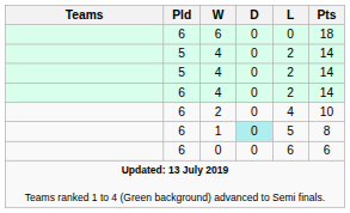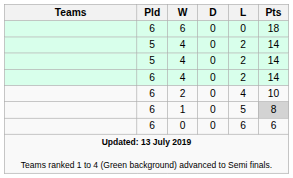 <table class="wikitable" style="text-align: center;">
 <tr>
 <th width="200">Teams</th>
 <th width="40">Pld</th>
 <th width="40">W</th>
 <th width="40">D</th>
 <th width="40">L</th>
 <th width="40">Pts</th>
 </tr>
 <tr bgcolor="#d8ffeb">
 <td align=left></td>
 <td>6</td>
 <td>6</td>
 <td>0</td>
 <td>0</td>
 <td>18</td>
 </tr>
 <tr bgcolor="#d8ffeb">
 <td align=left></td>
 <td>5</td>
 <td>4</td>
 <td>0</td>
 <td>2</td>
 <td>14</td>
 </tr>
 <tr bgcolor="#d8ffeb">
 <td align=left></td>
 <td>5</td>
 <td>4</td>
 <td>0</td>
 <td>2</td>
 <td>14</td>
 </tr>
 <tr bgcolor="#d8ffeb">
 <td align=left></td>
 <td>6</td>
 <td>4</td>
 <td>0</td>
 <td>2</td>
 <td>14</td>
 </tr>
 <tr>
 <td align=left></td>
 <td>6</td>
 <td>2</td>
 <td>0</td>
 <td>4</td>
 <td>10</td>
 </tr>
 <tr>
 <td align=left></td>
 <td>6</td>
 <td>1</td>
-<td style="background: paleturquoise;">0</td>
+<td>0</td>
 <td>5</td>
-<td>8</td>
+<td style="background: lightgrey;">8</td>
 </tr>
 <tr>
 <td align=left></td>
 <td>6</td>
 <td>0</td>
 <td>0</td>
 <td>6</td>
 <td>6</td>
 </tr>
 <tr bgcolor="#f9f9f9" align=center>
 <td colspan="15" style="border:0px"><small><strong>Updated: 13 July 2019</strong></small><br> <br> <small>Teams ranked 1 to 4 <span>(Green background)</span> advanced to Semi finals.<br></small></td>
 </tr>
 </table>
